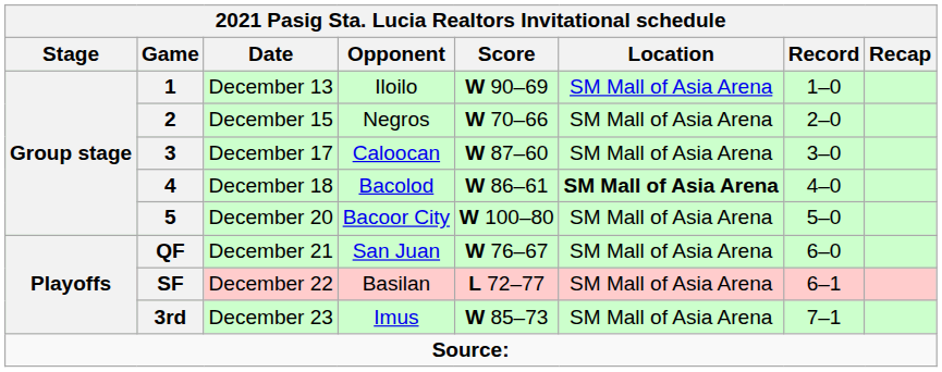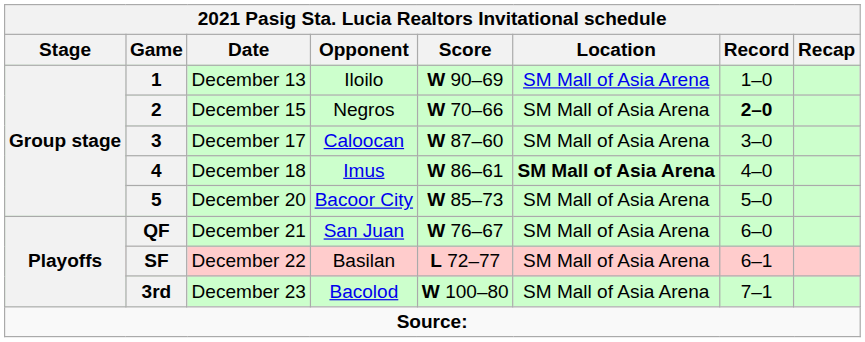 <table class="wikitable" style="text-align:center">
 <tr>
 <th colspan=8>2021 Pasig Sta. Lucia Realtors Invitational schedule</th>
 </tr>
 <tr>
 <th>Stage</th>
 <th>Game</th>
 <th>Date</th>
 <th>Opponent</th>
 <th>Score</th>
 <th>Location</th>
 <th>Record</th>
 <th>Recap<br></th>
 </tr>
 <tr style="background:#cfc">
 <th rowspan=5>Group stage</th>
 <th>1</th>
 <td>December 13</td>
 <td>Iloilo</td>
 <td><strong>W</strong> 90–69</td>
 <td><a href='#'>SM Mall of Asia Arena</a></td>
 <td>1–0</td>
 <td></td>
 </tr>
 <tr style="background:#cfc">
 <th>2</th>
 <td>December 15</td>
 <td>Negros</td>
 <td><strong>W</strong> 70–66</td>
 <td>SM Mall of Asia Arena</td>
-<td>2–0</td>
+<td><strong>2–0</strong></td>
 <td></td>
 </tr>
 <tr style="background:#cfc">
 <th>3</th>
 <td>December 17</td>
 <td><a href='#'>Caloocan</a></td>
 <td><strong>W</strong> 87–60</td>
 <td>SM Mall of Asia Arena</td>
 <td>3–0</td>
 <td></td>
 </tr>
 <tr style="background:#cfc">
 <th>4</th>
 <td>December 18</td>
-<td><a href='#'>Bacolod</a></td>
+<td><a href='#'>Imus</a></td>
 <td><strong>W</strong> 86–61</td>
 <td><strong>SM Mall of Asia Arena</strong></td>
 <td>4–0</td>
 <td></td>
 </tr>
 <tr style="background:#cfc">
 <th>5</th>
 <td>December 20</td>
 <td><a href='#'>Bacoor City</a></td>
-<td><strong>W</strong> 100–80</td>
+<td><strong>W</strong> 85–73</td>
 <td>SM Mall of Asia Arena</td>
 <td>5–0</td>
 <td><br></td>
 </tr>
 <tr style="background:#cfc">
 <th rowspan=3>Playoffs</th>
 <th>QF</th>
 <td>December 21</td>
 <td><a href='#'>San Juan</a></td>
 <td><strong>W</strong> 76–67</td>
 <td>SM Mall of Asia Arena</td>
 <td>6–0</td>
 <td></td>
 </tr>
 <tr style="background:#fcc">
 <th>SF</th>
 <td>December 22</td>
 <td>Basilan</td>
 <td><strong>L</strong> 72–77</td>
 <td>SM Mall of Asia Arena</td>
 <td>6–1</td>
 <td></td>
 </tr>
 <tr style="background:#cfc">
 <th>3rd</th>
 <td>December 23</td>
-<td><a href='#'>Imus</a></td>
-<td><strong>W</strong> 85–73</td>
+<td><a href='#'>Bacolod</a></td>
+<td><strong>W</strong> 100–80</td>
 <td>SM Mall of Asia Arena</td>
 <td>7–1</td>
 <td></td>
 </tr>
 <tr>
 <td colspan=8 align=center><strong>Source: </strong></td>
 </tr>
 </table>
